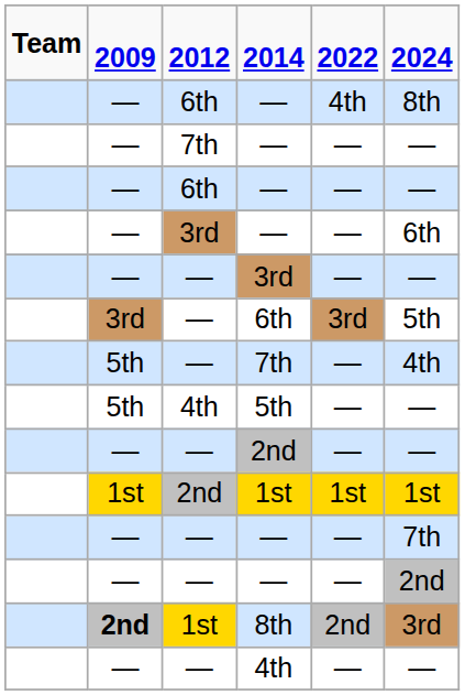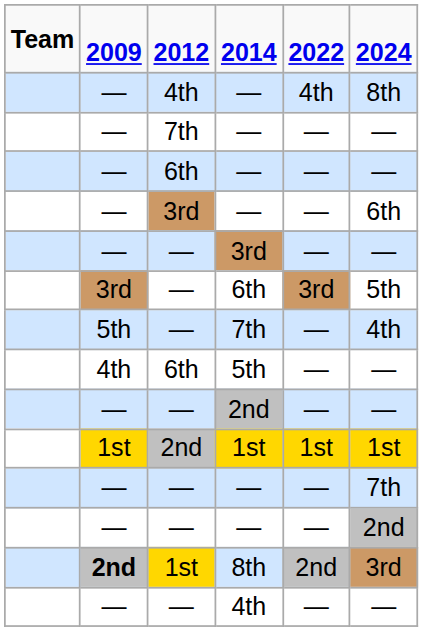 <table class="wikitable" style="text-align:center; font-size:90%">
 <tr>
 <td><strong>Team</strong></td>
 <td><strong><br><a href='#'>2009</a></strong></td>
 <td><strong><br><a href='#'>2012</a></strong></td>
 <td><strong><br><a href='#'>2014</a></strong></td>
 <td><strong><br><a href='#'>2022</a></strong></td>
 <td><strong><br><a href='#'>2024</a></strong></td>
 </tr>
 <tr bgcolor=#D0E6FF>
 <td align=left></td>
 <td>—</td>
-<td>6th</td>
+<td>4th</td>
 <td>—</td>
 <td>4th</td>
 <td>8th</td>
 </tr>
 <tr bgcolor=#FFFFFF>
 <td align=left></td>
 <td>—</td>
 <td>7th</td>
 <td>—</td>
 <td>—</td>
 <td>—</td>
 </tr>
 <tr bgcolor=#D0E6FF>
 <td align=left></td>
 <td>—</td>
 <td>6th</td>
 <td>—</td>
 <td>—</td>
 <td>—</td>
 </tr>
 <tr bgcolor=#FFFFFF>
 <td align=left></td>
 <td>—</td>
 <td bgcolor=#cc9966>3rd</td>
 <td>—</td>
 <td>—</td>
 <td>6th</td>
 </tr>
 <tr bgcolor=#D0E6FF>
 <td align=left></td>
 <td>—</td>
 <td>—</td>
 <td bgcolor=#cc9966>3rd</td>
 <td>—</td>
 <td>—</td>
 </tr>
 <tr bgcolor=#FFFFFF>
 <td align=left></td>
 <td bgcolor=#cc9966>3rd</td>
 <td>—</td>
 <td>6th</td>
 <td bgcolor=#cc9966>3rd</td>
 <td>5th</td>
 </tr>
 <tr bgcolor=#D0E6FF>
 <td align=left></td>
 <td>5th</td>
 <td>—</td>
 <td>7th</td>
 <td>—</td>
 <td>4th</td>
 </tr>
 <tr bgcolor=#FFFFFF>
 <td align=left></td>
-<td>5th</td>
 <td>4th</td>
+<td>6th</td>
 <td>5th</td>
 <td>—</td>
 <td>—</td>
 </tr>
 <tr bgcolor=#D0E6FF>
 <td align=left></td>
 <td>—</td>
 <td>—</td>
 <td bgcolor=silver>2nd</td>
 <td>—</td>
 <td>—</td>
 </tr>
 <tr bgcolor=#FFFFFF>
 <td align=left></td>
 <td bgcolor=gold>1st</td>
 <td bgcolor=silver>2nd</td>
 <td bgcolor=gold>1st</td>
 <td bgcolor=gold>1st</td>
 <td bgcolor=gold>1st</td>
 </tr>
 <tr bgcolor=#D0E6FF>
 <td align=left></td>
 <td>—</td>
 <td>—</td>
 <td>—</td>
 <td>—</td>
 <td>7th</td>
 </tr>
 <tr bgcolor=#FFFFFF>
 <td align=left></td>
 <td>—</td>
 <td>—</td>
 <td>—</td>
 <td>—</td>
 <td bgcolor=silver>2nd</td>
 </tr>
 <tr bgcolor=#D0E6FF>
 <td align=left></td>
 <td bgcolor=silver><strong>2nd</strong></td>
 <td bgcolor=gold>1st</td>
 <td>8th</td>
 <td bgcolor=silver>2nd</td>
 <td bgcolor=#cc9966>3rd</td>
 </tr>
 <tr bgcolor=#FFFFFF>
 <td align=left></td>
 <td>—</td>
 <td>—</td>
 <td>4th</td>
 <td>—</td>
 <td>—</td>
 </tr>
 </table>
